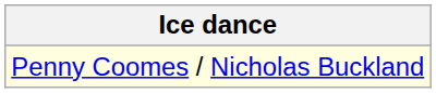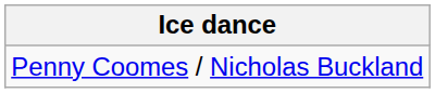 <table class="wikitable">
 <tr>
 <th>Ice dance</th>
 </tr>
 <tr>
-<td style="background: lightyellow;"><a href='#'>Penny Coomes</a> / <a href='#'>Nicholas Buckland</a></td>
+<td><a href='#'>Penny Coomes</a> / <a href='#'>Nicholas Buckland</a></td>
 </tr>
 </table>
